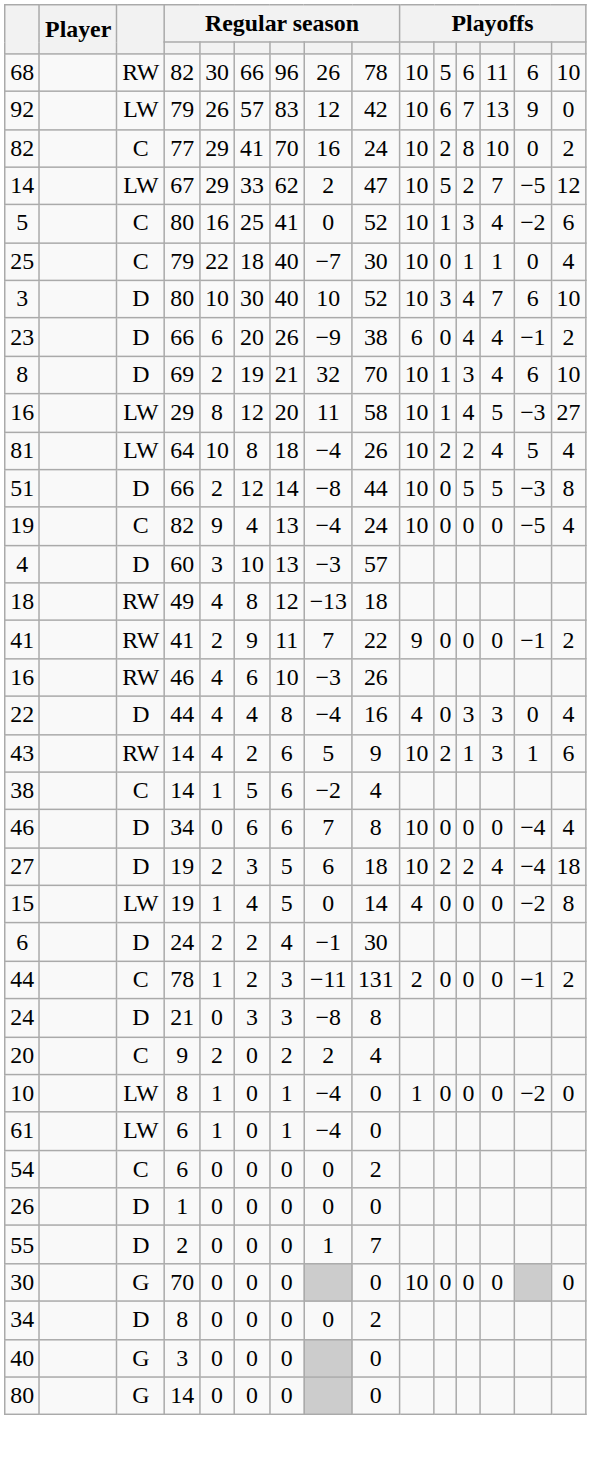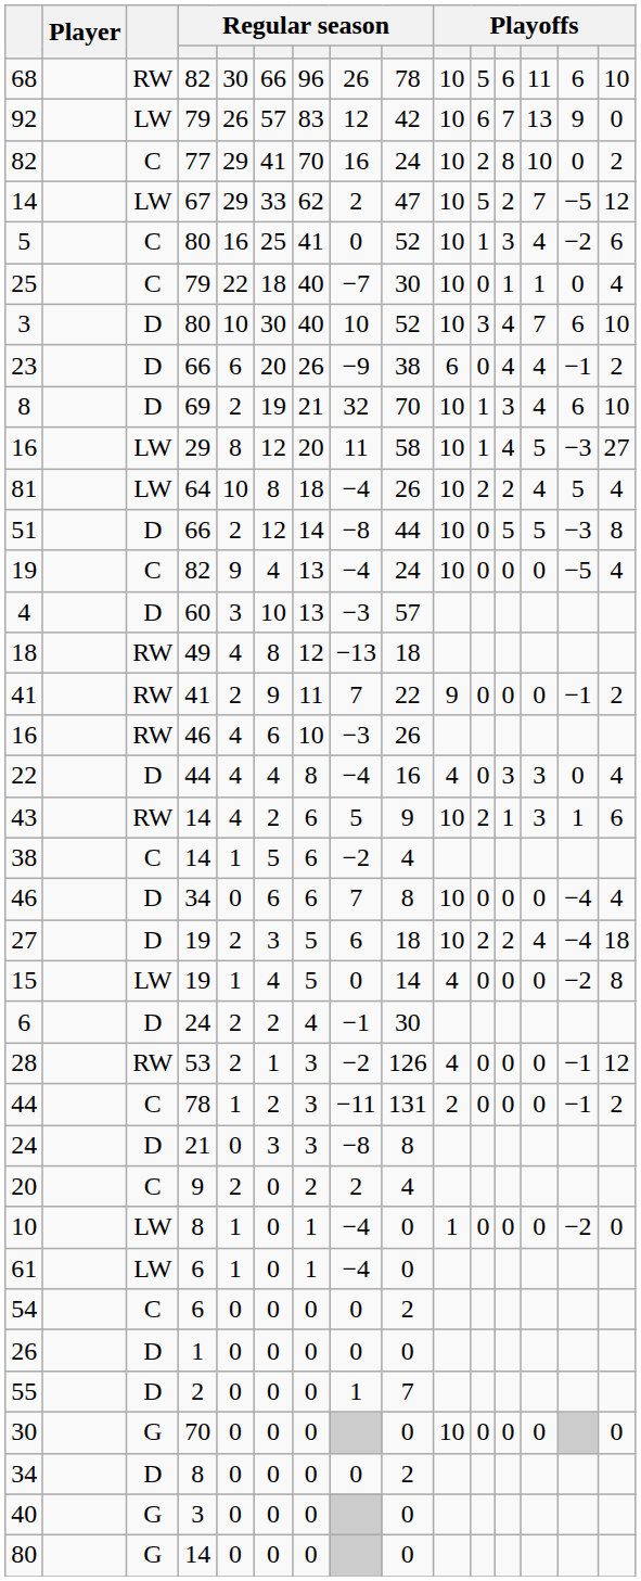 <table class="wikitable sortable plainrowheaders" style="text-align:center;">
 <tr>
 <th scope="col" data-sort-type="number" rowspan="2"></th>
 <th scope="col" rowspan="2">Player</th>
 <th scope="col" rowspan="2"></th>
 <th scope=colgroup colspan=6>Regular season</th>
 <th scope=colgroup colspan=6>Playoffs</th>
 </tr>
 <tr>
 <th scope="col" data-sort-type="number"></th>
 <th scope="col" data-sort-type="number"></th>
 <th scope="col" data-sort-type="number"></th>
 <th scope="col" data-sort-type="number"></th>
 <th scope="col" data-sort-type="number"></th>
 <th scope="col" data-sort-type="number"></th>
 <th scope="col" data-sort-type="number"></th>
 <th scope="col" data-sort-type="number"></th>
 <th scope="col" data-sort-type="number"></th>
 <th scope="col" data-sort-type="number"></th>
 <th scope="col" data-sort-type="number"></th>
 <th scope="col" data-sort-type="number"></th>
 </tr>
 <tr>
 <td scope="row">68</td>
 <td align="left"></td>
 <td>RW</td>
 <td>82</td>
 <td>30</td>
 <td>66</td>
 <td>96</td>
 <td>26</td>
 <td>78</td>
 <td>10</td>
 <td>5</td>
 <td>6</td>
 <td>11</td>
 <td>6</td>
 <td>10</td>
 </tr>
 <tr>
 <td scope="row">92</td>
 <td align="left"></td>
 <td>LW</td>
 <td>79</td>
 <td>26</td>
 <td>57</td>
 <td>83</td>
 <td>12</td>
 <td>42</td>
 <td>10</td>
 <td>6</td>
 <td>7</td>
 <td>13</td>
 <td>9</td>
 <td>0</td>
 </tr>
 <tr>
 <td scope="row">82</td>
 <td align="left"></td>
 <td>C</td>
 <td>77</td>
 <td>29</td>
 <td>41</td>
 <td>70</td>
 <td>16</td>
 <td>24</td>
 <td>10</td>
 <td>2</td>
 <td>8</td>
 <td>10</td>
 <td>0</td>
 <td>2</td>
 </tr>
 <tr>
 <td scope="row">14</td>
 <td align="left"></td>
 <td>LW</td>
 <td>67</td>
 <td>29</td>
 <td>33</td>
 <td>62</td>
 <td>2</td>
 <td>47</td>
 <td>10</td>
 <td>5</td>
 <td>2</td>
 <td>7</td>
 <td>−5</td>
 <td>12</td>
 </tr>
 <tr>
 <td scope="row">5</td>
 <td align="left"></td>
 <td>C</td>
 <td>80</td>
 <td>16</td>
 <td>25</td>
 <td>41</td>
 <td>0</td>
 <td>52</td>
 <td>10</td>
 <td>1</td>
 <td>3</td>
 <td>4</td>
 <td>−2</td>
 <td>6</td>
 </tr>
 <tr>
 <td scope="row">25</td>
 <td align="left"></td>
 <td>C</td>
 <td>79</td>
 <td>22</td>
 <td>18</td>
 <td>40</td>
 <td>−7</td>
 <td>30</td>
 <td>10</td>
 <td>0</td>
 <td>1</td>
 <td>1</td>
 <td>0</td>
 <td>4</td>
 </tr>
 <tr>
 <td scope="row">3</td>
 <td align="left"></td>
 <td>D</td>
 <td>80</td>
 <td>10</td>
 <td>30</td>
 <td>40</td>
 <td>10</td>
 <td>52</td>
 <td>10</td>
 <td>3</td>
 <td>4</td>
 <td>7</td>
 <td>6</td>
 <td>10</td>
 </tr>
 <tr>
 <td scope="row">23</td>
 <td align="left"></td>
 <td>D</td>
 <td>66</td>
 <td>6</td>
 <td>20</td>
 <td>26</td>
 <td>−9</td>
 <td>38</td>
 <td>6</td>
 <td>0</td>
 <td>4</td>
 <td>4</td>
 <td>−1</td>
 <td>2</td>
 </tr>
 <tr>
 <td scope="row">8</td>
 <td align="left"></td>
 <td>D</td>
 <td>69</td>
 <td>2</td>
 <td>19</td>
 <td>21</td>
 <td>32</td>
 <td>70</td>
 <td>10</td>
 <td>1</td>
 <td>3</td>
 <td>4</td>
 <td>6</td>
 <td>10</td>
 </tr>
 <tr>
 <td scope="row">16</td>
 <td align="left"></td>
 <td>LW</td>
 <td>29</td>
 <td>8</td>
 <td>12</td>
 <td>20</td>
 <td>11</td>
 <td>58</td>
 <td>10</td>
 <td>1</td>
 <td>4</td>
 <td>5</td>
 <td>−3</td>
 <td>27</td>
 </tr>
 <tr>
 <td scope="row">81</td>
 <td align="left"></td>
 <td>LW</td>
 <td>64</td>
 <td>10</td>
 <td>8</td>
 <td>18</td>
 <td>−4</td>
 <td>26</td>
 <td>10</td>
 <td>2</td>
 <td>2</td>
 <td>4</td>
 <td>5</td>
 <td>4</td>
 </tr>
 <tr>
 <td scope="row">51</td>
 <td align="left"></td>
 <td>D</td>
 <td>66</td>
 <td>2</td>
 <td>12</td>
 <td>14</td>
 <td>−8</td>
 <td>44</td>
 <td>10</td>
 <td>0</td>
 <td>5</td>
 <td>5</td>
 <td>−3</td>
 <td>8</td>
 </tr>
 <tr>
 <td scope="row">19</td>
 <td align="left"></td>
 <td>C</td>
 <td>82</td>
 <td>9</td>
 <td>4</td>
 <td>13</td>
 <td>−4</td>
 <td>24</td>
 <td>10</td>
 <td>0</td>
 <td>0</td>
 <td>0</td>
 <td>−5</td>
 <td>4</td>
 </tr>
 <tr>
 <td scope="row">4</td>
 <td align="left"></td>
 <td>D</td>
 <td>60</td>
 <td>3</td>
 <td>10</td>
 <td>13</td>
 <td>−3</td>
 <td>57</td>
 <td></td>
 <td></td>
 <td></td>
 <td></td>
 <td></td>
 <td></td>
 </tr>
 <tr>
 <td scope="row">18</td>
 <td align="left"></td>
 <td>RW</td>
 <td>49</td>
 <td>4</td>
 <td>8</td>
 <td>12</td>
 <td>−13</td>
 <td>18</td>
 <td></td>
 <td></td>
 <td></td>
 <td></td>
 <td></td>
 <td></td>
 </tr>
 <tr>
 <td scope="row">41</td>
 <td align="left"></td>
 <td>RW</td>
 <td>41</td>
 <td>2</td>
 <td>9</td>
 <td>11</td>
 <td>7</td>
 <td>22</td>
 <td>9</td>
 <td>0</td>
 <td>0</td>
 <td>0</td>
 <td>−1</td>
 <td>2</td>
 </tr>
 <tr>
 <td scope="row">16</td>
 <td align="left"></td>
 <td>RW</td>
 <td>46</td>
 <td>4</td>
 <td>6</td>
 <td>10</td>
 <td>−3</td>
 <td>26</td>
 <td></td>
 <td></td>
 <td></td>
 <td></td>
 <td></td>
 <td></td>
 </tr>
 <tr>
 <td scope="row">22</td>
 <td align="left"></td>
 <td>D</td>
 <td>44</td>
 <td>4</td>
 <td>4</td>
 <td>8</td>
 <td>−4</td>
 <td>16</td>
 <td>4</td>
 <td>0</td>
 <td>3</td>
 <td>3</td>
 <td>0</td>
 <td>4</td>
 </tr>
 <tr>
 <td scope="row">43</td>
 <td align="left"></td>
 <td>RW</td>
 <td>14</td>
 <td>4</td>
 <td>2</td>
 <td>6</td>
 <td>5</td>
 <td>9</td>
 <td>10</td>
 <td>2</td>
 <td>1</td>
 <td>3</td>
 <td>1</td>
 <td>6</td>
 </tr>
 <tr>
 <td scope="row">38</td>
 <td align="left"></td>
 <td>C</td>
 <td>14</td>
 <td>1</td>
 <td>5</td>
 <td>6</td>
 <td>−2</td>
 <td>4</td>
 <td></td>
 <td></td>
 <td></td>
 <td></td>
 <td></td>
 <td></td>
 </tr>
 <tr>
 <td scope="row">46</td>
 <td align="left"></td>
 <td>D</td>
 <td>34</td>
 <td>0</td>
 <td>6</td>
 <td>6</td>
 <td>7</td>
 <td>8</td>
 <td>10</td>
 <td>0</td>
 <td>0</td>
 <td>0</td>
 <td>−4</td>
 <td>4</td>
 </tr>
 <tr>
 <td scope="row">27</td>
 <td align="left"></td>
 <td>D</td>
 <td>19</td>
 <td>2</td>
 <td>3</td>
 <td>5</td>
 <td>6</td>
 <td>18</td>
 <td>10</td>
 <td>2</td>
 <td>2</td>
 <td>4</td>
 <td>−4</td>
 <td>18</td>
 </tr>
 <tr>
 <td scope="row">15</td>
 <td align="left"></td>
 <td>LW</td>
 <td>19</td>
 <td>1</td>
 <td>4</td>
 <td>5</td>
 <td>0</td>
 <td>14</td>
 <td>4</td>
 <td>0</td>
 <td>0</td>
 <td>0</td>
 <td>−2</td>
 <td>8</td>
 </tr>
 <tr>
 <td scope="row">6</td>
 <td align="left"></td>
 <td>D</td>
 <td>24</td>
 <td>2</td>
 <td>2</td>
 <td>4</td>
 <td>−1</td>
 <td>30</td>
 <td></td>
 <td></td>
 <td></td>
 <td></td>
 <td></td>
 <td></td>
 </tr>
 <tr>
+<td scope="row">28</td>
+<td align="left"></td>
+<td>RW</td>
+<td>53</td>
+<td>2</td>
+<td>1</td>
+<td>3</td>
+<td>−2</td>
+<td>126</td>
+<td>4</td>
+<td>0</td>
+<td>0</td>
+<td>0</td>
+<td>−1</td>
+<td>12</td>
+</tr>
+<tr>
 <td scope="row">44</td>
 <td align="left"></td>
 <td>C</td>
 <td>78</td>
 <td>1</td>
 <td>2</td>
 <td>3</td>
 <td>−11</td>
 <td>131</td>
 <td>2</td>
 <td>0</td>
 <td>0</td>
 <td>0</td>
 <td>−1</td>
 <td>2</td>
 </tr>
 <tr>
 <td scope="row">24</td>
 <td align="left"></td>
 <td>D</td>
 <td>21</td>
 <td>0</td>
 <td>3</td>
 <td>3</td>
 <td>−8</td>
 <td>8</td>
 <td></td>
 <td></td>
 <td></td>
 <td></td>
 <td></td>
 <td></td>
 </tr>
 <tr>
 <td scope="row">20</td>
 <td align="left"></td>
 <td>C</td>
 <td>9</td>
 <td>2</td>
 <td>0</td>
 <td>2</td>
 <td>2</td>
 <td>4</td>
 <td></td>
 <td></td>
 <td></td>
 <td></td>
 <td></td>
 <td></td>
 </tr>
 <tr>
 <td scope="row">10</td>
 <td align="left"></td>
 <td>LW</td>
 <td>8</td>
 <td>1</td>
 <td>0</td>
 <td>1</td>
 <td>−4</td>
 <td>0</td>
 <td>1</td>
 <td>0</td>
 <td>0</td>
 <td>0</td>
 <td>−2</td>
 <td>0</td>
 </tr>
 <tr>
 <td scope="row">61</td>
 <td align="left"></td>
 <td>LW</td>
 <td>6</td>
 <td>1</td>
 <td>0</td>
 <td>1</td>
 <td>−4</td>
 <td>0</td>
 <td></td>
 <td></td>
 <td></td>
 <td></td>
 <td></td>
 <td></td>
 </tr>
 <tr>
 <td scope="row">54</td>
 <td align="left"></td>
 <td>C</td>
 <td>6</td>
 <td>0</td>
 <td>0</td>
 <td>0</td>
 <td>0</td>
 <td>2</td>
 <td></td>
 <td></td>
 <td></td>
 <td></td>
 <td></td>
 <td></td>
 </tr>
 <tr>
 <td scope="row">26</td>
 <td align="left"></td>
 <td>D</td>
 <td>1</td>
 <td>0</td>
 <td>0</td>
 <td>0</td>
 <td>0</td>
 <td>0</td>
 <td></td>
 <td></td>
 <td></td>
 <td></td>
 <td></td>
 <td></td>
 </tr>
 <tr>
 <td scope="row">55</td>
 <td align="left"></td>
 <td>D</td>
 <td>2</td>
 <td>0</td>
 <td>0</td>
 <td>0</td>
 <td>1</td>
 <td>7</td>
 <td></td>
 <td></td>
 <td></td>
 <td></td>
 <td></td>
 <td></td>
 </tr>
 <tr>
 <td scope="row">30</td>
 <td align="left"></td>
 <td>G</td>
 <td>70</td>
 <td>0</td>
 <td>0</td>
 <td>0</td>
 <td style="background:#ccc"></td>
 <td>0</td>
 <td>10</td>
 <td>0</td>
 <td>0</td>
 <td>0</td>
 <td style="background:#ccc"></td>
 <td>0</td>
 </tr>
 <tr>
 <td scope="row">34</td>
 <td align="left"></td>
 <td>D</td>
 <td>8</td>
 <td>0</td>
 <td>0</td>
 <td>0</td>
 <td>0</td>
 <td>2</td>
 <td></td>
 <td></td>
 <td></td>
 <td></td>
 <td></td>
 <td></td>
 </tr>
 <tr>
 <td scope="row">40</td>
 <td align="left"></td>
 <td>G</td>
 <td>3</td>
 <td>0</td>
 <td>0</td>
 <td>0</td>
 <td style="background:#ccc"></td>
 <td>0</td>
 <td></td>
 <td></td>
 <td></td>
 <td></td>
 <td></td>
 <td></td>
 </tr>
 <tr>
 <td scope="row">80</td>
 <td align="left"></td>
 <td>G</td>
 <td>14</td>
 <td>0</td>
 <td>0</td>
 <td>0</td>
 <td style="background:#ccc"></td>
 <td>0</td>
 <td></td>
 <td></td>
 <td></td>
 <td></td>
 <td></td>
 <td></td>
 </tr>
 </table>
